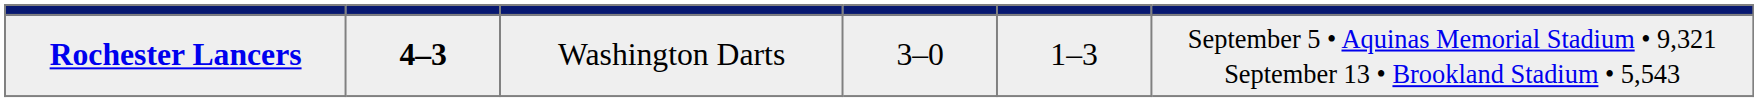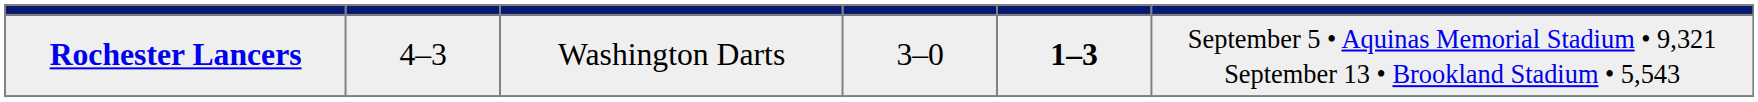 <table style=border-collapse:collapse border=1 cellspacing=0 cellpadding=2>
 <tr align=center bgcolor=#071871>
 <th width=180></th>
 <th width=80></th>
 <th width=180></th>
 <th width=80></th>
 <th width=80></th>
 <td width=330></td>
 </tr>
 <tr align=center bgcolor=#efefef>
 <td align=center><strong><a href='#'>Rochester Lancers</a></strong></td>
-<td><strong>4–3</strong></td>
+<td>4–3</td>
 <td align=center>Washington Darts</td>
 <td>3–0</td>
-<td>1–3</td>
+<td><strong>1–3</strong></td>
 <td><small>September 5 •  <a href='#'>Aquinas Memorial Stadium</a> • 9,321<br>September 13 • <a href='#'>Brookland Stadium</a> • 5,543</small></td>
 </tr>
 </table>
